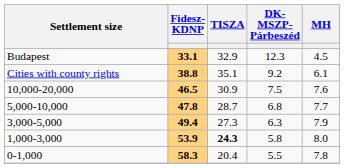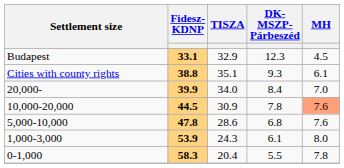 <table class="wikitable sortable" style="text-align:center;font-size:90%;line-height:14px">
 <tr style="height:40px;">
 <th style="width:200px;" rowspan="2">Settlement size</th>
 <th style="width:40px;"><a href='#'>Fidesz-KDNP</a></th>
 <th style="width:40px;"><a href='#'>TISZA</a></th>
 <th style="width:40px;"><a href='#'>DK-MSZP-Párbeszéd</a></th>
 <th style="width:40px;"><a href='#'>MH</a></th>
 </tr>
 <tr>
 <th style="background:"></th>
 <th style="background:"></th>
 <th style="background:"></th>
 <th style="background:"></th>
 </tr>
 <tr>
 <td align="left">Budapest</td>
 <td style="background:#ffd27f;"><strong>33.1</strong></td>
 <td>32.9</td>
 <td>12.3</td>
 <td>4.5</td>
 </tr>
 <tr>
 <td align="left"><a href='#'>Cities with county rights</a></td>
 <td style="background:#ffd27f;"><strong>38.8</strong></td>
 <td>35.1</td>
-<td>9.2</td>
+<td>9.3</td>
 <td>6.1</td>
 </tr>
 <tr>
+<td align="left">20,000-</td>
+<td style="background:#ffd27f;"><strong>39.9</strong></td>
+<td>34.0</td>
+<td>8.4</td>
+<td>7.0</td>
+</tr>
+<tr>
 <td align="left">10,000-20,000</td>
-<td style="background:#ffd27f;"><strong>46.5</strong></td>
+<td style="background:#ffd27f;"><strong>44.5</strong></td>
 <td>30.9</td>
-<td>7.5</td>
-<td>7.6</td>
+<td>7.8</td>
+<td style="background: lightsalmon;">7.6</td>
 </tr>
 <tr>
 <td align="left">5,000-10,000</td>
 <td style="background:#ffd27f;"><strong>47.8</strong></td>
-<td>28.7</td>
+<td>28.6</td>
 <td>6.8</td>
-<td>7.7</td>
-</tr>
-<tr>
-<td align="left">3,000-5,000</td>
-<td style="background:#ffd27f;"><strong>49.4</strong></td>
-<td>27.3</td>
-<td>6.3</td>
-<td>7.9</td>
+<td>7.6</td>
 </tr>
 <tr>
 <td align="left">1,000-3,000</td>
 <td style="background:#ffd27f;"><strong>53.9</strong></td>
-<td><strong>24.3</strong></td>
-<td>5.8</td>
+<td>24.3</td>
+<td>6.1</td>
 <td>8.0</td>
 </tr>
 <tr>
 <td align="left">0-1,000</td>
 <td style="background:#ffd27f;"><strong>58.3</strong></td>
 <td>20.4</td>
 <td>5.5</td>
 <td>7.8</td>
 </tr>
 <tr>
 </tr>
 </table>
